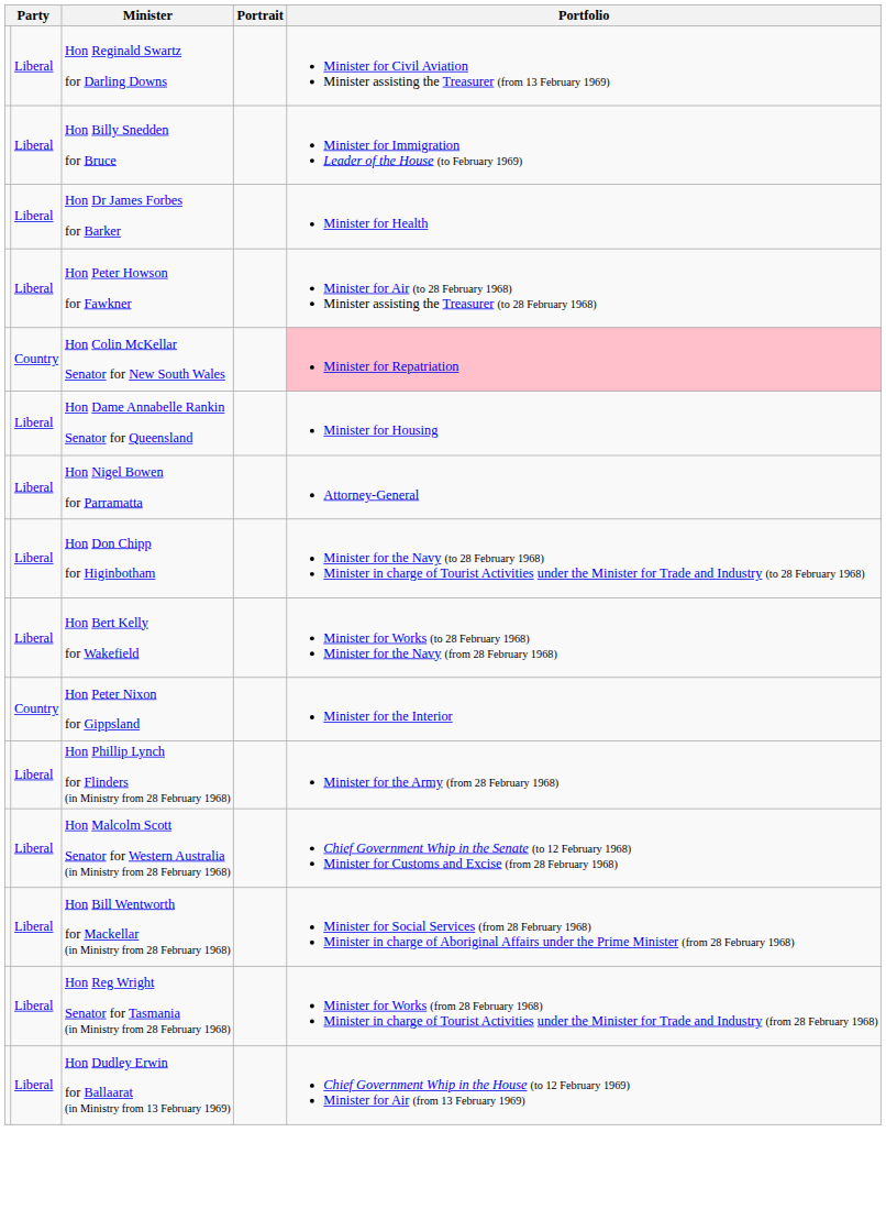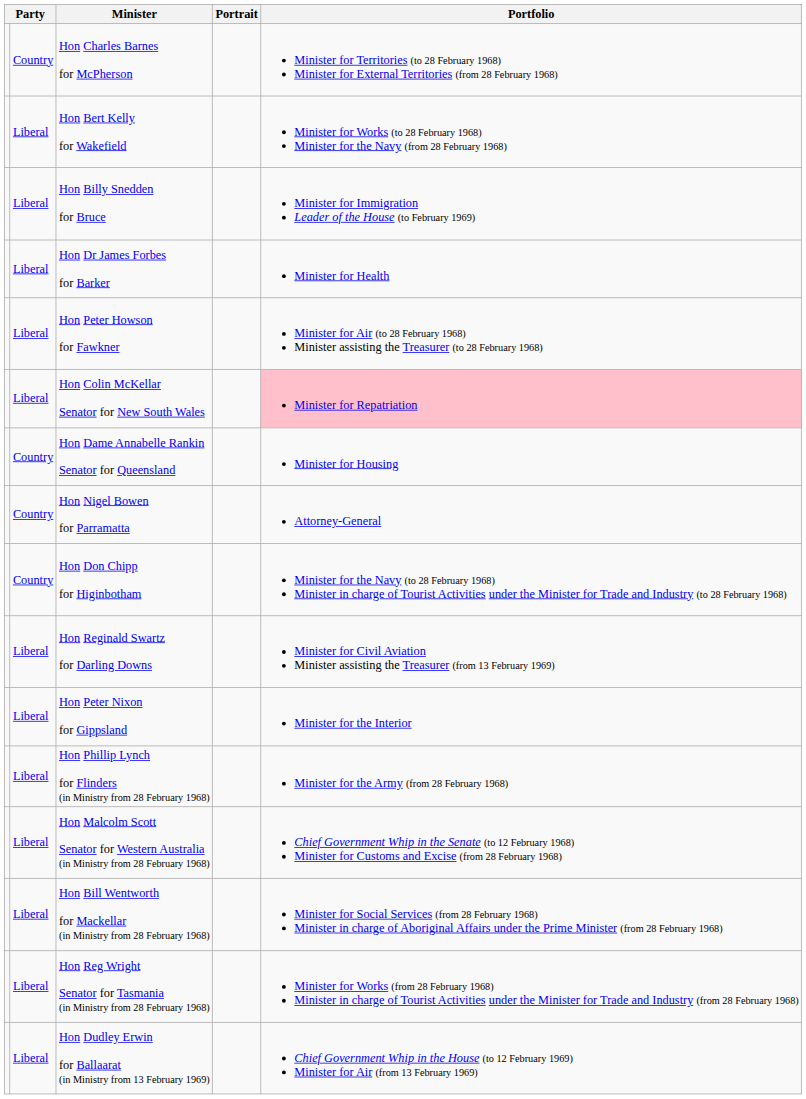 <table class="wikitable sortable">
 <tr>
 <th colspan="2">Party</th>
 <th>Minister</th>
 <th>Portrait</th>
 <th>Portfolio</th>
 </tr>
 <tr>
 <td></td>
+<td><a href='#'>Country</a></td>
+<td><a href='#'>Hon</a> <a href='#'>Charles Barnes</a> <br><br> for <a href='#'>McPherson</a> <br></td>
+<td></td>
+<td><br><ul><li><a href='#'>Minister for Territories</a> <small>(to 28 February 1968)</small></li><li><a href='#'>Minister for External Territories</a> <small>(from 28 February 1968)</small></li></ul></td>
+</tr>
+<tr>
+<td></td>
 <td><a href='#'>Liberal</a></td>
-<td><a href='#'>Hon</a> <a href='#'>Reginald Swartz</a>  <br><br> for <a href='#'>Darling Downs</a> <br></td>
+<td><a href='#'>Hon</a> <a href='#'>Bert Kelly</a> <br><br> for <a href='#'>Wakefield</a> <br></td>
 <td></td>
-<td><br><ul><li><a href='#'>Minister for Civil Aviation</a></li><li>Minister assisting the <a href='#'>Treasurer</a> <small>(from 13 February 1969)</small></li></ul></td>
+<td><br><ul><li><a href='#'>Minister for Works</a> <small>(to 28 February 1968)</small></li><li><a href='#'>Minister for the Navy</a> <small>(from 28 February 1968)</small></li></ul></td>
 </tr>
 <tr>
 <td></td>
 <td><a href='#'>Liberal</a></td>
 <td><a href='#'>Hon</a> <a href='#'>Billy Snedden</a>  <br><br> for <a href='#'>Bruce</a> <br></td>
 <td></td>
 <td><br><ul><li><a href='#'>Minister for Immigration</a></li><li><em><a href='#'>Leader of the House</a></em> <small>(to February 1969)</small></li></ul></td>
 </tr>
 <tr>
 <td></td>
 <td><a href='#'>Liberal</a></td>
 <td><a href='#'>Hon</a> <a href='#'>Dr James Forbes</a>  <br><br> for <a href='#'>Barker</a> <br></td>
 <td></td>
 <td><br><ul><li><a href='#'>Minister for Health</a></li></ul></td>
 </tr>
 <tr>
 <td></td>
 <td><a href='#'>Liberal</a></td>
 <td><a href='#'>Hon</a> <a href='#'>Peter Howson</a> <br><br> for <a href='#'>Fawkner</a> <br></td>
 <td></td>
 <td><br><ul><li><a href='#'>Minister for Air</a> <small>(to 28 February 1968)</small></li><li>Minister assisting the <a href='#'>Treasurer</a> <small>(to 28 February 1968)</small></li></ul></td>
 </tr>
 <tr>
 <td></td>
-<td><a href='#'>Country</a></td>
+<td><a href='#'>Liberal</a></td>
 <td><a href='#'>Hon</a> <a href='#'>Colin McKellar</a> <br><br><a href='#'>Senator</a> for <a href='#'>New South Wales</a> <br></td>
 <td></td>
 <td style="background: pink;"><br><ul><li><a href='#'>Minister for Repatriation</a></li></ul></td>
 </tr>
 <tr>
 <td></td>
-<td><a href='#'>Liberal</a></td>
+<td><a href='#'>Country</a></td>
 <td><a href='#'>Hon</a> <a href='#'>Dame Annabelle Rankin</a>  <br><br><a href='#'>Senator</a> for <a href='#'>Queensland</a> <br></td>
 <td></td>
 <td><br><ul><li><a href='#'>Minister for Housing</a></li></ul></td>
 </tr>
 <tr>
 <td></td>
-<td><a href='#'>Liberal</a></td>
+<td><a href='#'>Country</a></td>
 <td><a href='#'>Hon</a> <a href='#'>Nigel Bowen</a>  <br><br> for <a href='#'>Parramatta</a> <br></td>
 <td></td>
 <td><br><ul><li><a href='#'>Attorney-General</a></li></ul></td>
 </tr>
 <tr>
 <td></td>
-<td><a href='#'>Liberal</a></td>
+<td><a href='#'>Country</a></td>
 <td><a href='#'>Hon</a> <a href='#'>Don Chipp</a> <br><br> for <a href='#'>Higinbotham</a> <br></td>
 <td></td>
 <td><br><ul><li><a href='#'>Minister for the Navy</a> <small>(to 28 February 1968)</small></li><li><a href='#'>Minister in charge of Tourist Activities</a> <a href='#'>under the Minister for Trade and Industry</a> <small>(to 28 February 1968)</small></li></ul></td>
 </tr>
 <tr>
 <td></td>
 <td><a href='#'>Liberal</a></td>
-<td><a href='#'>Hon</a> <a href='#'>Bert Kelly</a> <br><br> for <a href='#'>Wakefield</a> <br></td>
+<td><a href='#'>Hon</a> <a href='#'>Reginald Swartz</a>  <br><br> for <a href='#'>Darling Downs</a> <br></td>
 <td></td>
-<td><br><ul><li><a href='#'>Minister for Works</a> <small>(to 28 February 1968)</small></li><li><a href='#'>Minister for the Navy</a> <small>(from 28 February 1968)</small></li></ul></td>
+<td><br><ul><li><a href='#'>Minister for Civil Aviation</a></li><li>Minister assisting the <a href='#'>Treasurer</a> <small>(from 13 February 1969)</small></li></ul></td>
 </tr>
 <tr>
 <td></td>
-<td><a href='#'>Country</a></td>
+<td><a href='#'>Liberal</a></td>
 <td><a href='#'>Hon</a> <a href='#'>Peter Nixon</a> <br><br> for <a href='#'>Gippsland</a> <br></td>
 <td></td>
 <td><br><ul><li><a href='#'>Minister for the Interior</a></li></ul></td>
 </tr>
 <tr>
 <td></td>
 <td><a href='#'>Liberal</a></td>
 <td><a href='#'>Hon</a> <a href='#'>Phillip Lynch</a> <br><br> for <a href='#'>Flinders</a> <br>  <small>(in Ministry from 28 February 1968)</small></td>
 <td></td>
 <td><br><ul><li><a href='#'>Minister for the Army</a> <small>(from 28 February 1968)</small></li></ul></td>
 </tr>
 <tr>
 <td></td>
 <td><a href='#'>Liberal</a></td>
 <td><a href='#'>Hon</a> <a href='#'>Malcolm Scott</a> <br><br><a href='#'>Senator</a> for <a href='#'>Western Australia</a> <br> <small>(in Ministry from 28 February 1968)</small></td>
 <td></td>
 <td><br><ul><li><em><a href='#'>Chief Government Whip in the Senate</a></em> <small>(to 12 February 1968)</small></li><li><a href='#'>Minister for Customs and Excise</a> <small>(from 28 February 1968)</small></li></ul></td>
 </tr>
 <tr>
 <td></td>
 <td><a href='#'>Liberal</a></td>
 <td><a href='#'>Hon</a> <a href='#'>Bill Wentworth</a> <br><br> for <a href='#'>Mackellar</a> <br>  <small>(in Ministry from 28 February 1968)</small></td>
 <td></td>
 <td><br><ul><li><a href='#'>Minister for Social Services</a> <small>(from 28 February 1968)</small></li><li><a href='#'>Minister in charge of Aboriginal Affairs under the Prime Minister</a> <small>(from 28 February 1968)</small></li></ul></td>
 </tr>
 <tr>
 <td></td>
 <td><a href='#'>Liberal</a></td>
 <td><a href='#'>Hon</a> <a href='#'>Reg Wright</a> <br><br><a href='#'>Senator</a> for <a href='#'>Tasmania</a> <br> <small>(in Ministry from 28 February 1968)</small></td>
 <td></td>
 <td><br><ul><li><a href='#'>Minister for Works</a> <small>(from 28 February 1968)</small></li><li><a href='#'>Minister in charge of Tourist Activities</a> <a href='#'>under the Minister for Trade and Industry</a> <small>(from 28 February 1968)</small></li></ul></td>
 </tr>
 <tr>
 <td></td>
 <td><a href='#'>Liberal</a></td>
 <td><a href='#'>Hon</a> <a href='#'>Dudley Erwin</a> <br><br> for <a href='#'>Ballaarat</a> <br> <small>(in Ministry from 13 February 1969)</small></td>
 <td></td>
 <td><br><ul><li><em><a href='#'>Chief Government Whip in the House</a></em> <small>(to 12 February 1969)</small></li><li><a href='#'>Minister for Air</a> <small>(from 13 February 1969)</small></li></ul></td>
 </tr>
 </table>
